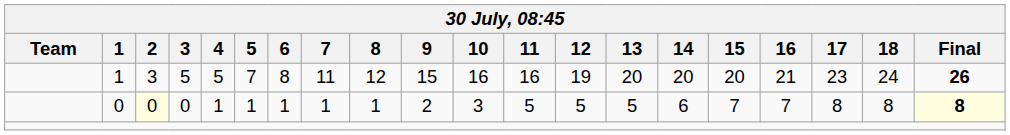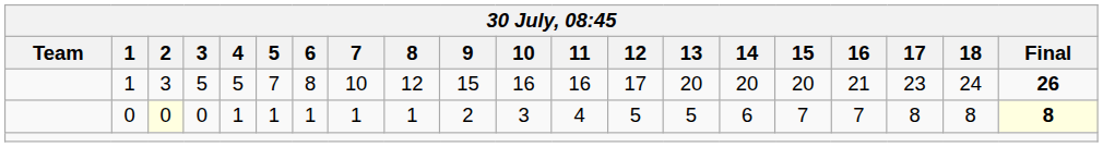 <table class=wikitable style="text-align:center; width: 55%">
 <tr>
 <th colspan=20><em>30 July, 08:45</em></th>
 </tr>
 <tr>
 <th>Team</th>
 <th>1</th>
 <th>2</th>
 <th>3</th>
 <th>4</th>
 <th>5</th>
 <th>6</th>
 <th>7</th>
 <th>8</th>
 <th>9</th>
 <th>10</th>
 <th>11</th>
 <th>12</th>
 <th>13</th>
 <th>14</th>
 <th>15</th>
 <th>16</th>
 <th>17</th>
 <th>18</th>
 <th>Final</th>
 </tr>
 <tr>
 <td align=left><strong></strong></td>
 <td>1</td>
 <td>3</td>
 <td>5</td>
 <td>5</td>
 <td>7</td>
 <td>8</td>
-<td>11</td>
+<td>10</td>
 <td>12</td>
 <td>15</td>
 <td>16</td>
 <td>16</td>
-<td>19</td>
+<td>17</td>
 <td>20</td>
 <td>20</td>
 <td>20</td>
 <td>21</td>
 <td>23</td>
 <td>24</td>
 <td><strong>26</strong></td>
 </tr>
 <tr>
 <td align=left></td>
 <td>0</td>
 <td style="background: lightyellow;">0</td>
 <td>0</td>
 <td>1</td>
 <td>1</td>
 <td>1</td>
 <td>1</td>
 <td>1</td>
 <td>2</td>
 <td>3</td>
-<td>5</td>
+<td>4</td>
 <td>5</td>
 <td>5</td>
 <td>6</td>
 <td>7</td>
 <td>7</td>
 <td>8</td>
 <td>8</td>
 <td style="background: lightyellow;"><strong>8</strong></td>
 </tr>
 <tr>
 <td colspan=20></td>
 </tr>
 </table>
